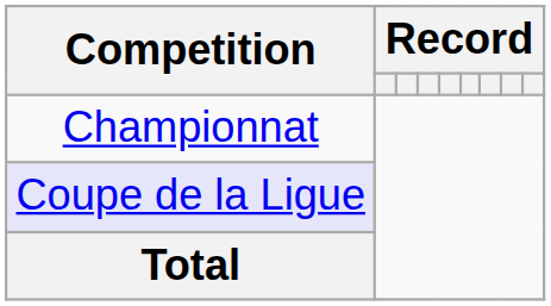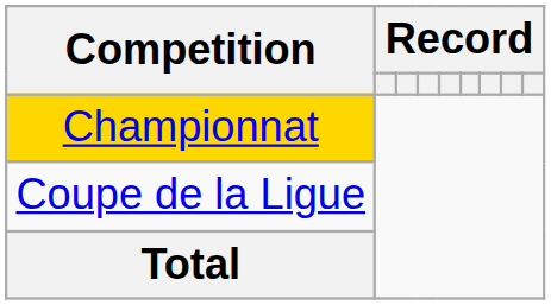 <table class="wikitable" style="text-align: center">
 <tr>
 <th rowspan=2>Competition</th>
 <th colspan=8>Record</th>
 </tr>
 <tr>
 <th></th>
 <th></th>
 <th></th>
 <th></th>
 <th></th>
 <th></th>
 <th></th>
 <th></th>
 </tr>
 <tr>
-<td><a href='#'>Championnat</a><br></td>
+<td style="background: gold;"><a href='#'>Championnat</a><br></td>
 </tr>
 <tr>
-<td style="background: lavender;"><a href='#'>Coupe de la Ligue</a><br></td>
+<td><a href='#'>Coupe de la Ligue</a><br></td>
 </tr>
 <tr>
 <th>Total<br></th>
 </tr>
 </table>
